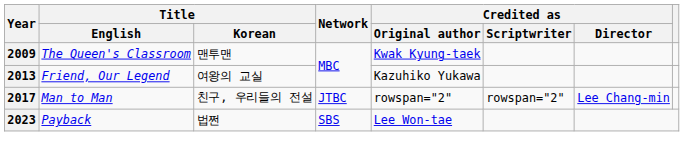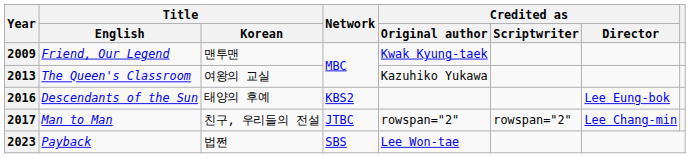 <table class="wikitable plainrowheaders">
 <tr>
 <th rowspan="2">Year</th>
 <th colspan="2">Title</th>
 <th rowspan="2">Network</th>
 <th colspan="3">Credited as</th>
 <th rowspan="2"></th>
 </tr>
 <tr>
 <th>English</th>
 <th>Korean</th>
 <th>Original author</th>
 <th>Scriptwriter</th>
 <th>Director</th>
 </tr>
 <tr>
 <th scope="row">2009</th>
-<td><em><a href='#'>The Queen's Classroom</a></em></td>
+<td><em><a href='#'>Friend, Our Legend</a></em></td>
 <td>맨투맨</td>
 <td rowspan="2"><a href='#'>MBC</a></td>
 <td><a href='#'>Kwak Kyung-taek</a></td>
 <td></td>
 <td></td>
 <td></td>
 </tr>
 <tr>
 <th scope="row">2013</th>
-<td><em><a href='#'>Friend, Our Legend</a></em></td>
+<td><em><a href='#'>The Queen's Classroom</a></em></td>
 <td>여왕의 교실</td>
 <td>Kazuhiko Yukawa</td>
 <td></td>
 <td></td>
+<td></td>
+</tr>
+<tr>
+<th scope="row">2016</th>
+<td><em><a href='#'>Descendants of the Sun</a></em></td>
+<td>태양의 후예</td>
+<td><a href='#'>KBS2</a></td>
+<td></td>
+<td></td>
+<td><a href='#'>Lee Eung-bok</a><br></td>
 <td></td>
 </tr>
 <tr>
 <th scope="row">2017</th>
 <td><em><a href='#'>Man to Man</a></em></td>
 <td>친구, 우리들의 전설</td>
 <td><a href='#'>JTBC</a></td>
 <td>rowspan="2" </td>
 <td>rowspan="2" </td>
 <td><a href='#'>Lee Chang-min</a></td>
 <td></td>
 </tr>
 <tr>
 <th scope="row">2023</th>
 <td><em><a href='#'>Payback</a></em></td>
 <td>법쩐</td>
 <td><a href='#'>SBS</a></td>
 <td><a href='#'>Lee Won-tae</a></td>
 <td></td>
 </tr>
 </table>
